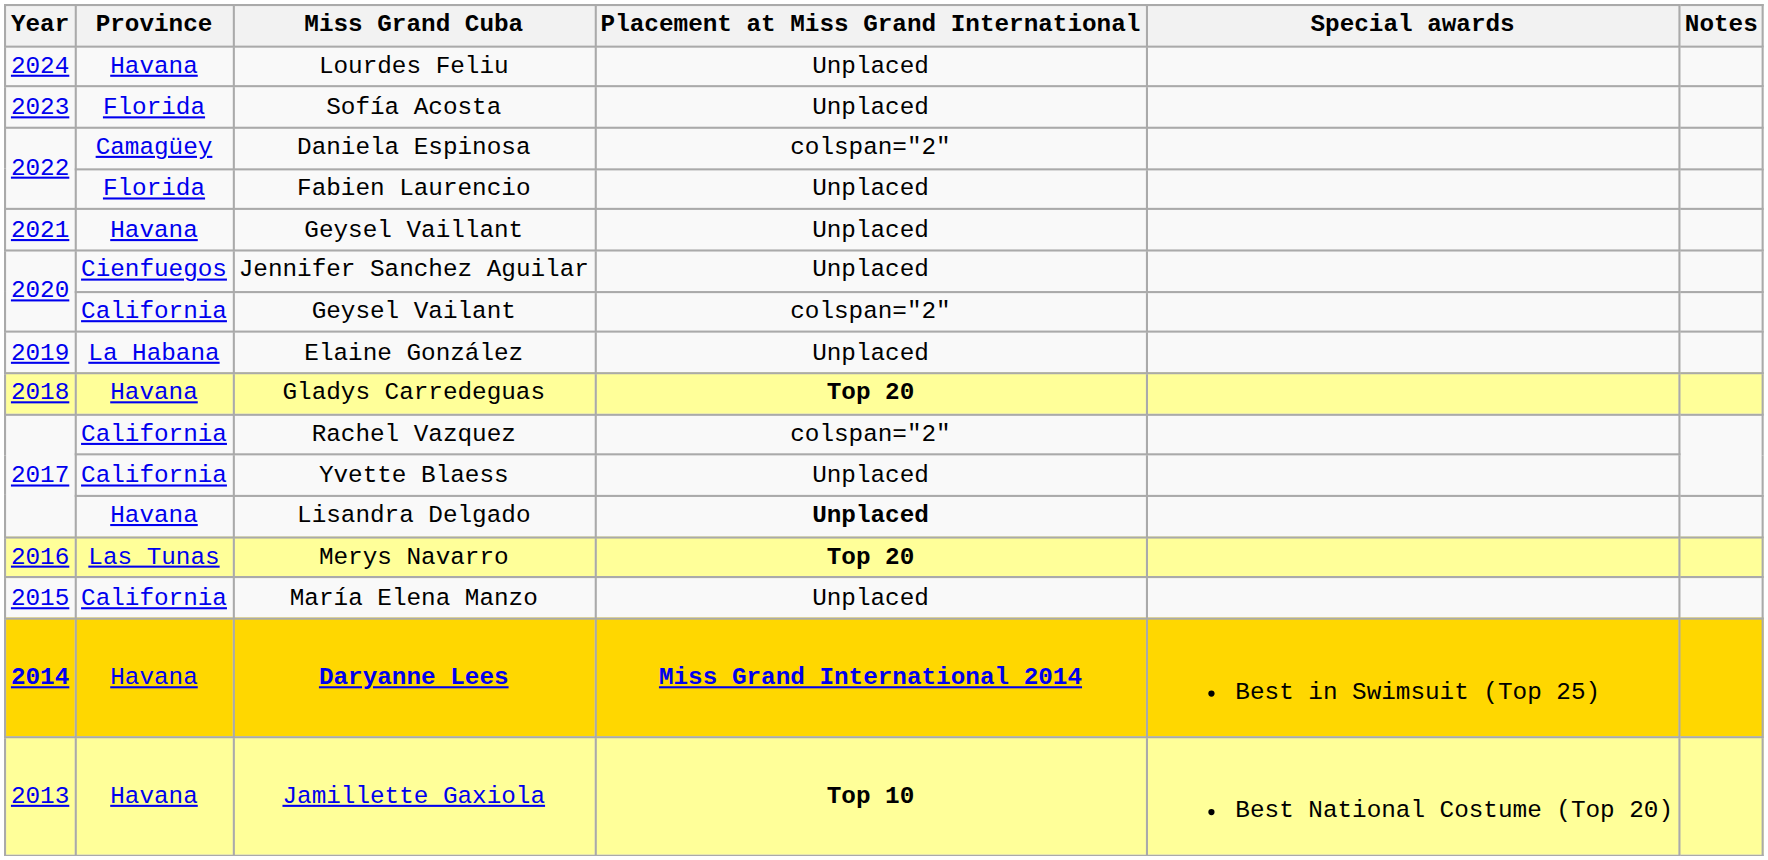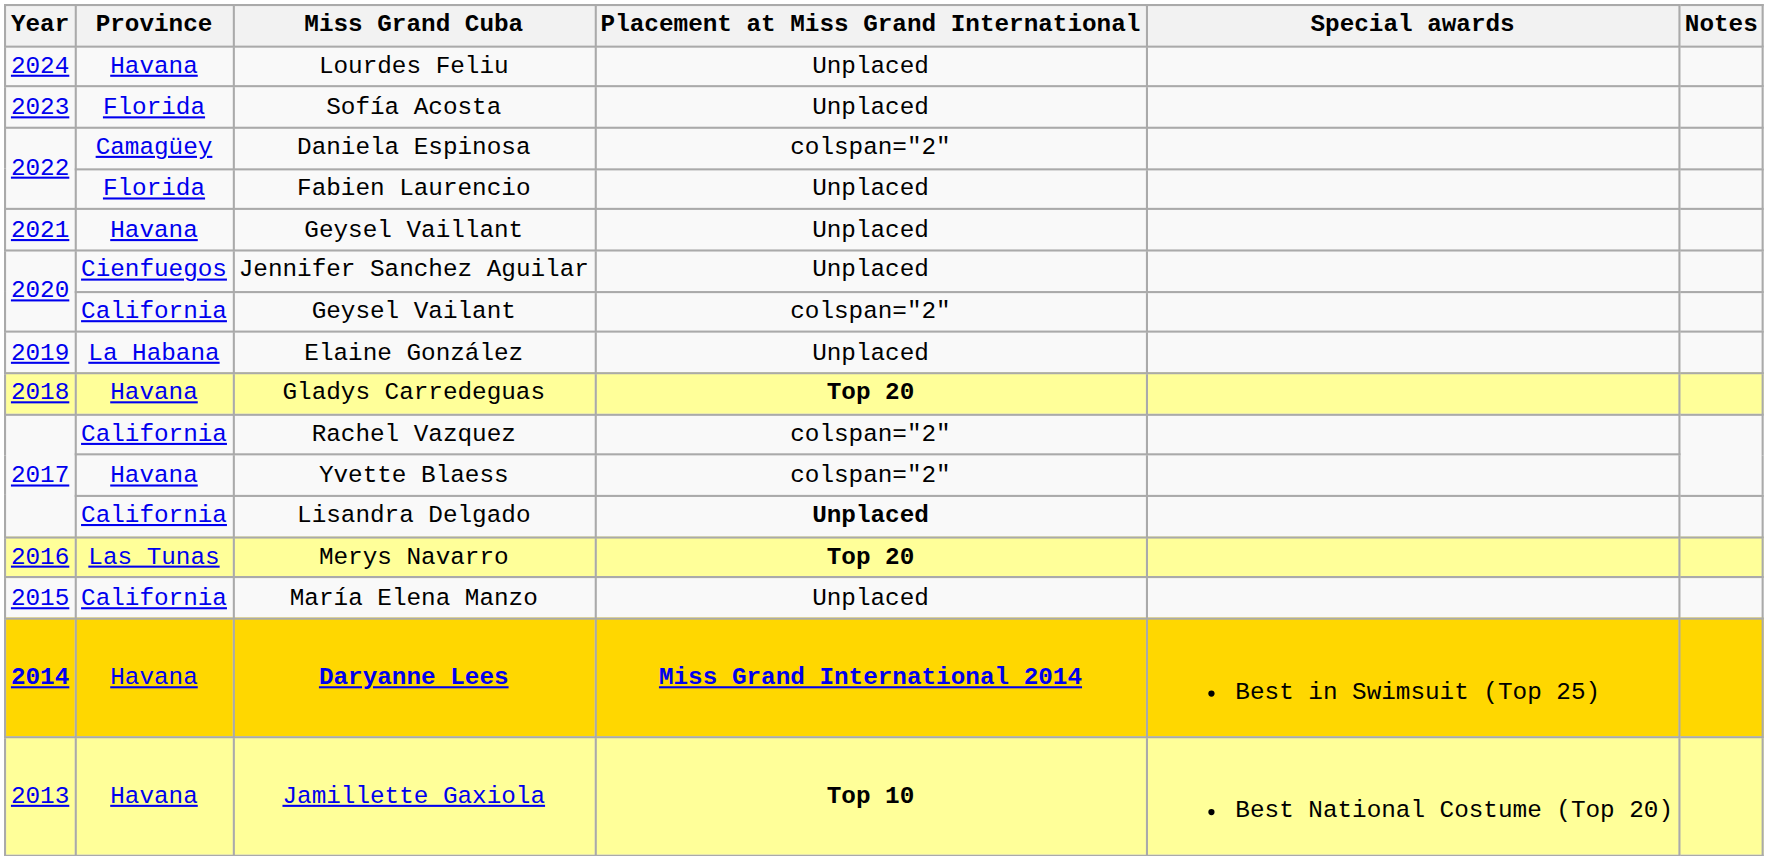 <table class="wikitable " style="font-size: 90%; text-align:center;">
 <tr>
 <th>Year</th>
 <th>Province</th>
 <th>Miss Grand Cuba</th>
 <th>Placement at Miss Grand International</th>
 <th>Special awards</th>
 <th>Notes</th>
 </tr>
 <tr>
 <td><a href='#'>2024</a></td>
 <td><a href='#'>Havana</a></td>
 <td>Lourdes Feliu</td>
 <td>Unplaced</td>
 <td></td>
 <td></td>
 </tr>
 <tr>
 <td><a href='#'>2023</a></td>
 <td><a href='#'>Florida</a></td>
 <td>Sofía Acosta</td>
 <td>Unplaced</td>
 <td></td>
 <td></td>
 </tr>
 <tr>
 <td rowspan="2"><a href='#'>2022</a></td>
 <td><a href='#'>Camagüey</a></td>
 <td>Daniela Espinosa</td>
 <td>colspan="2" </td>
 <td></td>
 </tr>
 <tr>
 <td><a href='#'>Florida</a></td>
 <td>Fabien Laurencio</td>
 <td>Unplaced</td>
 <td></td>
 <td></td>
 </tr>
 <tr>
 <td><a href='#'>2021</a></td>
 <td><a href='#'>Havana</a></td>
 <td>Geysel Vaillant</td>
 <td>Unplaced</td>
 <td></td>
 <td></td>
 </tr>
 <tr>
 <td rowspan="2"><a href='#'>2020</a></td>
 <td><a href='#'>Cienfuegos</a></td>
 <td>Jennifer Sanchez Aguilar</td>
 <td>Unplaced</td>
 <td></td>
 <td></td>
 </tr>
 <tr>
 <td><a href='#'>California</a></td>
 <td Geysel Vaillant>Geysel Vailant</td>
 <td>colspan="2" </td>
 <td></td>
 </tr>
 <tr>
 <td><a href='#'>2019</a></td>
 <td><a href='#'>La Habana</a></td>
 <td>Elaine González</td>
 <td>Unplaced</td>
 <td></td>
 <td></td>
 </tr>
 <tr style="background-color:#FFFF99">
 <td><a href='#'>2018</a></td>
 <td><a href='#'>Havana</a></td>
 <td>Gladys Carredeguas</td>
 <td><strong>Top 20</strong></td>
 <td></td>
 <td></td>
 </tr>
 <tr>
 <td rowspan="3"><a href='#'>2017</a></td>
 <td><a href='#'>California</a></td>
 <td>Rachel Vazquez</td>
 <td>colspan="2" </td>
 <td></td>
 </tr>
 <tr>
-<td><a href='#'>California</a></td>
+<td><a href='#'>Havana</a></td>
 <td>Yvette Blaess</td>
-<td>Unplaced</td>
+<td>colspan="2" </td>
 <td></td>
 </tr>
 <tr>
-<td><a href='#'>Havana</a></td>
+<td><a href='#'>California</a></td>
 <td>Lisandra Delgado</td>
 <td><strong>Unplaced</strong></td>
 <td></td>
 <td></td>
 </tr>
 <tr style="background-color:#FFFF99">
 <td><a href='#'>2016</a></td>
 <td><a href='#'>Las Tunas</a></td>
 <td>Merys Navarro</td>
 <td><strong>Top 20</strong></td>
 <td></td>
 <td></td>
 </tr>
 <tr>
 <td><a href='#'>2015</a></td>
 <td><a href='#'>California</a></td>
 <td>María Elena Manzo</td>
 <td>Unplaced</td>
 <td></td>
 <td></td>
 </tr>
 <tr style="background-color:gold">
 <td><strong><a href='#'>2014</a></strong></td>
 <td><a href='#'>Havana</a></td>
 <td><strong><a href='#'>Daryanne Lees</a></strong></td>
 <td><strong><a href='#'>Miss Grand International 2014</a></strong></td>
 <td align="left"><br><ul><li>Best in Swimsuit (Top 25)</li></ul></td>
 <td></td>
 </tr>
 <tr style="background-color:#FFFF99">
 <td><a href='#'>2013</a></td>
 <td><a href='#'>Havana</a></td>
 <td><a href='#'>Jamillette Gaxiola</a></td>
 <td><strong>Top 10</strong></td>
 <td align="left"><br><ul><li>Best National Costume (Top 20)</li></ul></td>
 <td></td>
 </tr>
 </table>
